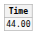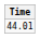 <table class="wikitable" border="1" align="upright">
 <tr>
 <th>Time</th>
 </tr>
 <tr>
-<td align=center>44.00</td>
+<td align=center>44.01</td>
 </tr>
 </table>
